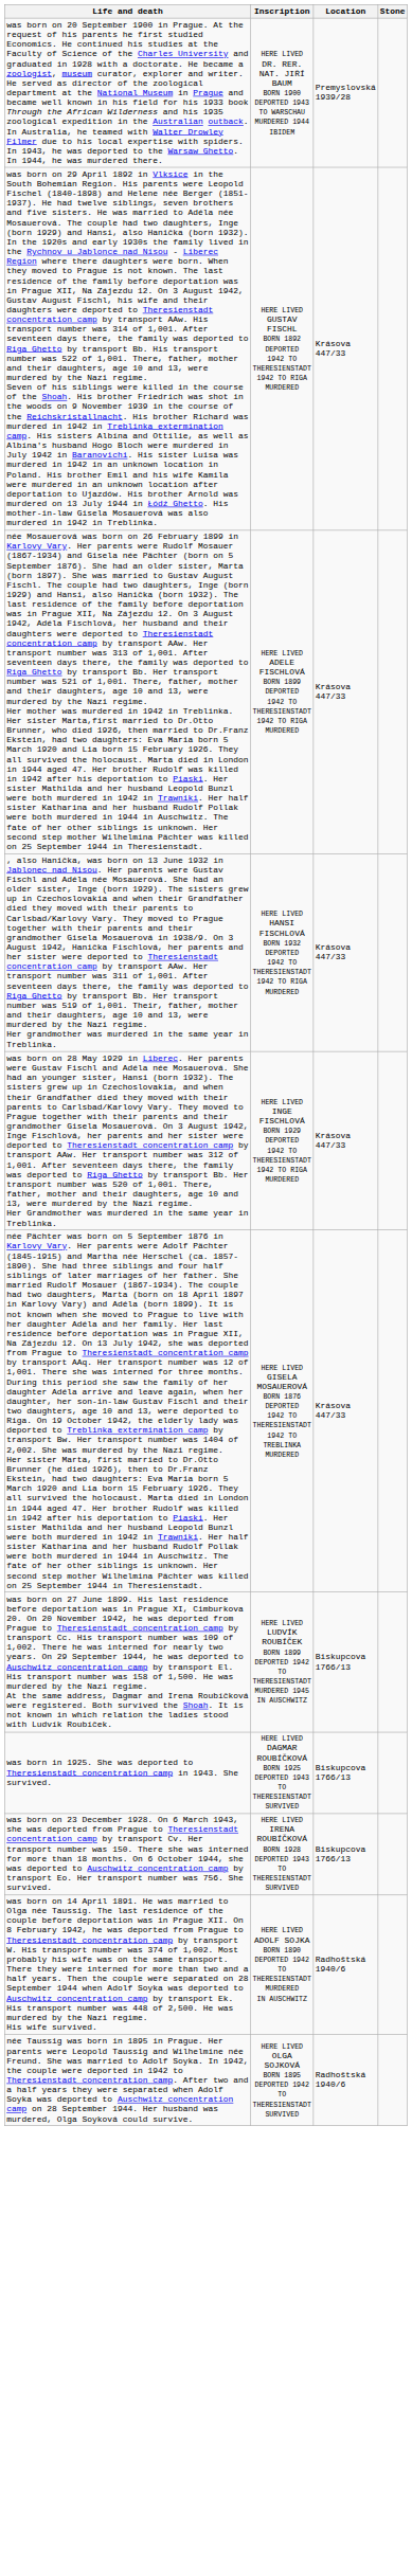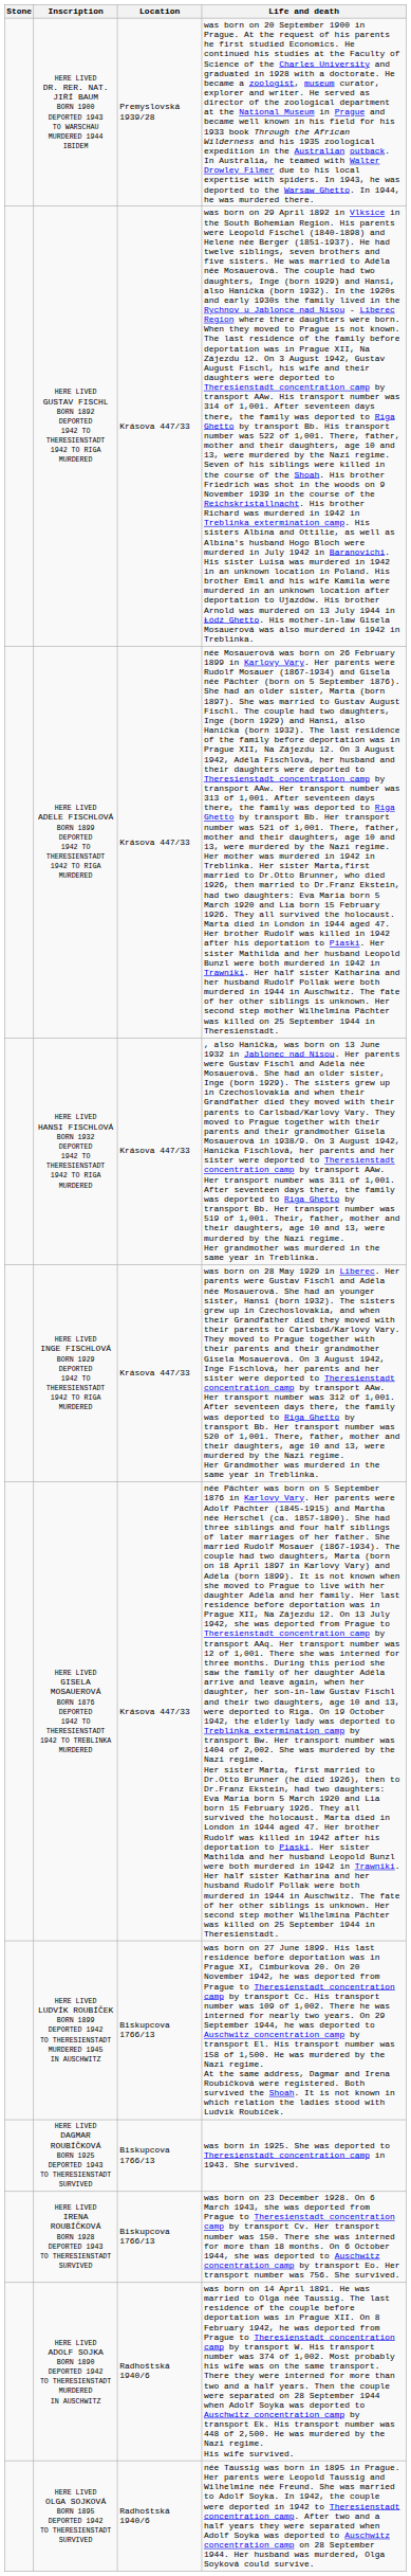 <table class="wikitable sortable toptextcells" style="width:100%">
 <tr>
-<th class="hintergrundfarbe6" style="width:100%;">Life and death</th>
+<th class="unsortable" width="120px">Stone</th>
 <th class="unsortable" style="width:22%;">Inscription</th>
 <th class="hintergrundfarbe6" data-sort-type="text" style ="width:22%;">Location</th>
-<th class="unsortable" width="120px">Stone</th>
+<th class="hintergrundfarbe6" style="width:100%;">Life and death</th>
 </tr>
 <tr>
-<td><strong></strong> was born on 20 September 1900 in Prague. At the request of his parents he first studied Economics. He continued his studies at the Faculty of Science of the <a href='#'>Charles University</a> and graduated in 1928 with a doctorate. He became a <a href='#'>zoologist</a>, <a href='#'>museum</a> curator, explorer and writer. He served as director of the zoological department at the <a href='#'>National Museum</a> in <a href='#'>Prague</a> and became well known in his field for his 1933 book <em>Through the African Wilderness</em> and his 1935 zoological expedition in the <a href='#'>Australian</a> <a href='#'>outback</a>. In Australia, he teamed with <a href='#'>Walter Drowley Filmer</a> due to his local expertise with spiders. In 1943, he was deported to the <a href='#'>Warsaw Ghetto</a>. In 1944, he was murdered there.</td>
+<td></td>
 <td style="text-align:center"><div><small>HERE LIVED</small><br>DR. RER. NAT. JIŘÍ BAUM<br><small>BORN 1900<br>DEPORTED 1943<br>TO WARSCHAU<br>MURDERED 1944<br>IBIDEM</small></div></td>
 <td>Premyslovská 1939/28<br></td>
-<td></td>
+<td><strong></strong> was born on 20 September 1900 in Prague. At the request of his parents he first studied Economics. He continued his studies at the Faculty of Science of the <a href='#'>Charles University</a> and graduated in 1928 with a doctorate. He became a <a href='#'>zoologist</a>, <a href='#'>museum</a> curator, explorer and writer. He served as director of the zoological department at the <a href='#'>National Museum</a> in <a href='#'>Prague</a> and became well known in his field for his 1933 book <em>Through the African Wilderness</em> and his 1935 zoological expedition in the <a href='#'>Australian</a> <a href='#'>outback</a>. In Australia, he teamed with <a href='#'>Walter Drowley Filmer</a> due to his local expertise with spiders. In 1943, he was deported to the <a href='#'>Warsaw Ghetto</a>. In 1944, he was murdered there.</td>
 </tr>
 <tr>
-<td><strong></strong> was born on 29 April 1892 in <a href='#'>Vlksice</a> in the South Bohemian Region. His parents were Leopold Fischel (1840-1898) and Helene née Berger (1851-1937). He had twelve siblings, seven brothers and five sisters. He was married to Adéla née Mosauerová. The couple had two daughters, Inge (born 1929) and Hansi, also Hanička (born 1932). In the 1920s and early 1930s the family lived in the <a href='#'>Rychnov u Jablonce nad Nisou</a> - <a href='#'>Liberec Region</a> where there daughters were born. When they moved to Prague is not known. The last residence of the family before deportation was in Prague XII, Na Zájezdu 12. On 3 August 1942, Gustav August Fischl, his wife and their daughters were deported to <a href='#'>Theresienstadt concentration camp</a> by transport AAw. His transport number was 314 of 1,001. After seventeen days there, the family was deported to <a href='#'>Riga Ghetto</a> by transport Bb. His transport number was 522 of 1,001. There, father, mother and their daughters, age 10 and 13, were murdered by the Nazi regime.<br>Seven of his siblings were killed in the course of the <a href='#'>Shoah</a>. His brother Friedrich was shot in the woods on 9 November 1939 in the course of the <a href='#'>Reichskristallnacht</a>. His brother Richard was murdered in 1942 in <a href='#'>Treblinka extermination camp</a>. His sisters Albína and Ottilie, as well as Albína's husband Hogo Bloch were murdered in July 1942 in <a href='#'>Baranovichi</a>. His sister Luisa was murdered in 1942 in an unknown location in Poland. His brother Emil and his wife Kamila were murdered in an unknown location after deportation to Ujazdów. His brother Arnold was murdered on 13 July 1944 in <a href='#'>Łódź Ghetto</a>. His mother-in-law Gisela Mosauerová was also murdered in 1942 in Treblinka.</td>
+<td></td>
 <td style="text-align:center"><div><small>HERE LIVED</small><br>GUSTAV FISCHL<br><small>BORN 1892<br>DEPORTED<br>1942 TO THERESIENSTADT<br>1942 TO RIGA<br>MURDERED</small></div></td>
 <td>Krásova 447/33<br></td>
-<td></td>
+<td><strong></strong> was born on 29 April 1892 in <a href='#'>Vlksice</a> in the South Bohemian Region. His parents were Leopold Fischel (1840-1898) and Helene née Berger (1851-1937). He had twelve siblings, seven brothers and five sisters. He was married to Adéla née Mosauerová. The couple had two daughters, Inge (born 1929) and Hansi, also Hanička (born 1932). In the 1920s and early 1930s the family lived in the <a href='#'>Rychnov u Jablonce nad Nisou</a> - <a href='#'>Liberec Region</a> where there daughters were born. When they moved to Prague is not known. The last residence of the family before deportation was in Prague XII, Na Zájezdu 12. On 3 August 1942, Gustav August Fischl, his wife and their daughters were deported to <a href='#'>Theresienstadt concentration camp</a> by transport AAw. His transport number was 314 of 1,001. After seventeen days there, the family was deported to <a href='#'>Riga Ghetto</a> by transport Bb. His transport number was 522 of 1,001. There, father, mother and their daughters, age 10 and 13, were murdered by the Nazi regime.<br>Seven of his siblings were killed in the course of the <a href='#'>Shoah</a>. His brother Friedrich was shot in the woods on 9 November 1939 in the course of the <a href='#'>Reichskristallnacht</a>. His brother Richard was murdered in 1942 in <a href='#'>Treblinka extermination camp</a>. His sisters Albína and Ottilie, as well as Albína's husband Hogo Bloch were murdered in July 1942 in <a href='#'>Baranovichi</a>. His sister Luisa was murdered in 1942 in an unknown location in Poland. His brother Emil and his wife Kamila were murdered in an unknown location after deportation to Ujazdów. His brother Arnold was murdered on 13 July 1944 in <a href='#'>Łódź Ghetto</a>. His mother-in-law Gisela Mosauerová was also murdered in 1942 in Treblinka.</td>
 </tr>
 <tr>
-<td><strong></strong> née Mosauerová was born on 26 February 1899 in <a href='#'>Karlovy Vary</a>. Her parents were Rudolf Mosauer (1867-1934) and Gisela née Pächter (born on 5 September 1876). She had an older sister, Marta (born 1897). She was married to Gustav August Fischl. The couple had two daughters, Inge (born 1929) and Hansi, also Hanička (born 1932). The last residence of the family before deportation was in Prague XII, Na Zájezdu 12. On 3 August 1942, Adéla Fischlová, her husband and their daughters were deported to <a href='#'>Theresienstadt concentration camp</a> by transport AAw. Her transport number was 313 of 1,001. After seventeen days there, the family was deported to <a href='#'>Riga Ghetto</a> by transport Bb. Her transport number was 521 of 1,001. There, father, mother and their daughters, age 10 and 13, were murdered by the Nazi regime.<br>Her mother was murdered in 1942 in Treblinka. Her sister Marta,first married to Dr.Otto Brunner, who died 1926, then married to Dr.Franz Ekstein, had two daughters: Eva Maria born 5 March 1920 and Lia born 15 February 1926. They all survived the holocaust. Marta died in London in 1944 aged 47. Her brother Rudolf was killed in 1942 after his deportation to <a href='#'>Piaski</a>. Her sister Mathilda and her husband Leopold Bunzl were both murdered in 1942 in <a href='#'>Trawniki</a>. Her half sister Katharina and her husband Rudolf Pollak were both murdered in 1944 in Auschwitz. The fate of her other siblings is unknown. Her second step mother Wilhelmina Pächter was killed on 25 September 1944 in Theresienstadt.</td>
+<td></td>
 <td style="text-align:center"><div><small>HERE LIVED</small><br>ADELE FISCHLOVÁ<br><small>BORN 1899<br>DEPORTED<br>1942 TO THERESIENSTADT<br>1942 TO RIGA<br>MURDERED</small></div></td>
 <td>Krásova 447/33<br></td>
-<td></td>
+<td><strong></strong> née Mosauerová was born on 26 February 1899 in <a href='#'>Karlovy Vary</a>. Her parents were Rudolf Mosauer (1867-1934) and Gisela née Pächter (born on 5 September 1876). She had an older sister, Marta (born 1897). She was married to Gustav August Fischl. The couple had two daughters, Inge (born 1929) and Hansi, also Hanička (born 1932). The last residence of the family before deportation was in Prague XII, Na Zájezdu 12. On 3 August 1942, Adéla Fischlová, her husband and their daughters were deported to <a href='#'>Theresienstadt concentration camp</a> by transport AAw. Her transport number was 313 of 1,001. After seventeen days there, the family was deported to <a href='#'>Riga Ghetto</a> by transport Bb. Her transport number was 521 of 1,001. There, father, mother and their daughters, age 10 and 13, were murdered by the Nazi regime.<br>Her mother was murdered in 1942 in Treblinka. Her sister Marta,first married to Dr.Otto Brunner, who died 1926, then married to Dr.Franz Ekstein, had two daughters: Eva Maria born 5 March 1920 and Lia born 15 February 1926. They all survived the holocaust. Marta died in London in 1944 aged 47. Her brother Rudolf was killed in 1942 after his deportation to <a href='#'>Piaski</a>. Her sister Mathilda and her husband Leopold Bunzl were both murdered in 1942 in <a href='#'>Trawniki</a>. Her half sister Katharina and her husband Rudolf Pollak were both murdered in 1944 in Auschwitz. The fate of her other siblings is unknown. Her second step mother Wilhelmina Pächter was killed on 25 September 1944 in Theresienstadt.</td>
 </tr>
 <tr>
-<td><strong></strong>, also Hanička, was born on 13 June 1932 in <a href='#'>Jablonec nad Nisou</a>. Her parents were Gustav Fischl and Adéla née Mosauerová. She had an older sister, Inge (born 1929). The sisters grew up in Czechoslovakia and when their Grandfather died they moved with their parents to Carlsbad/Karlovy Vary. They moved to Prague together with their parents and their grandmother Gisela Mosauerová  in 1938/9. On 3 August 1942, Hanička Fischlová, her parents and her sister were deported to <a href='#'>Theresienstadt concentration camp</a> by transport AAw. Her transport number was 311 of 1,001. After seventeen days there, the family was deported to <a href='#'>Riga Ghetto</a> by transport Bb. Her transport number was 519 of 1,001. Their, father, mother and their daughters, age 10 and 13, were murdered by the Nazi regime.<br>Her grandmother was murdered in the same year in Treblinka.</td>
+<td></td>
 <td style="text-align:center"><div><small>HERE LIVED</small><br>HANSI FISCHLOVÁ<br><small>BORN 1932<br>DEPORTED<br>1942 TO THERESIENSTADT<br>1942 TO RIGA<br>MURDERED</small></div></td>
 <td>Krásova 447/33<br></td>
-<td></td>
+<td><strong></strong>, also Hanička, was born on 13 June 1932 in <a href='#'>Jablonec nad Nisou</a>. Her parents were Gustav Fischl and Adéla née Mosauerová. She had an older sister, Inge (born 1929). The sisters grew up in Czechoslovakia and when their Grandfather died they moved with their parents to Carlsbad/Karlovy Vary. They moved to Prague together with their parents and their grandmother Gisela Mosauerová  in 1938/9. On 3 August 1942, Hanička Fischlová, her parents and her sister were deported to <a href='#'>Theresienstadt concentration camp</a> by transport AAw. Her transport number was 311 of 1,001. After seventeen days there, the family was deported to <a href='#'>Riga Ghetto</a> by transport Bb. Her transport number was 519 of 1,001. Their, father, mother and their daughters, age 10 and 13, were murdered by the Nazi regime.<br>Her grandmother was murdered in the same year in Treblinka.</td>
 </tr>
 <tr>
-<td><strong></strong> was born on 28 May 1929 in <a href='#'>Liberec</a>. Her parents were Gustav Fischl and Adéla née Mosauerová. She had an younger sister, Hansi (born 1932). The sisters grew up in Czechoslovakia, and when their Grandfather died they moved with their parents to Carlsbad/Karlovy Vary. They moved to Prague together with their parents and their grandmother Gisela Mosauerová. On 3 August 1942, Inge Fischlová, her parents and her sister were deported to <a href='#'>Theresienstadt concentration camp</a> by transport AAw. Her transport number was 312 of 1,001. After seventeen days there, the family was deported to <a href='#'>Riga Ghetto</a> by transport Bb. Her transport number was 520 of 1,001. There, father, mother and their daughters, age 10 and 13, were murdered by the Nazi regime.<br>Her Grandmother was murdered in the same year in Treblinka.</td>
+<td></td>
 <td style="text-align:center"><div><small>HERE LIVED</small><br>INGE FISCHLOVÁ<br><small>BORN 1929<br>DEPORTED<br>1942 TO THERESIENSTADT<br>1942 TO RIGA<br>MURDERED</small></div></td>
 <td>Krásova 447/33<br></td>
-<td></td>
+<td><strong></strong> was born on 28 May 1929 in <a href='#'>Liberec</a>. Her parents were Gustav Fischl and Adéla née Mosauerová. She had an younger sister, Hansi (born 1932). The sisters grew up in Czechoslovakia, and when their Grandfather died they moved with their parents to Carlsbad/Karlovy Vary. They moved to Prague together with their parents and their grandmother Gisela Mosauerová. On 3 August 1942, Inge Fischlová, her parents and her sister were deported to <a href='#'>Theresienstadt concentration camp</a> by transport AAw. Her transport number was 312 of 1,001. After seventeen days there, the family was deported to <a href='#'>Riga Ghetto</a> by transport Bb. Her transport number was 520 of 1,001. There, father, mother and their daughters, age 10 and 13, were murdered by the Nazi regime.<br>Her Grandmother was murdered in the same year in Treblinka.</td>
 </tr>
 <tr>
-<td><strong></strong> née Pächter was born on 5 September 1876 in <a href='#'>Karlovy Vary</a>. Her parents were Adolf Pächter (1845-1915) and Martha née Herschel (ca. 1857-1890). She had three siblings and four half siblings of later marriages of her father. She married Rudolf Mosauer (1867-1934). The couple had two daughters, Marta (born on 18 April 1897 in Karlovy Vary) and Adéla (born 1899). It is not known when she moved to Prague to live with her daughter Adéla and her family. Her last residence before deportation was in Prague XII, Na Zájezdu 12. On 13 July 1942, she was deported from Prague to <a href='#'>Theresienstadt concentration camp</a> by transport AAq. Her transport number was 12 of 1,001. There she was interned for three months. During this period she saw the family of her daughter Adéla arrive and leave again, when her daughter, her son-in-law Gustav Fischl and their two daughters, age 10 and 13, were deported to Riga. On 19 October 1942, the elderly lady was deported to <a href='#'>Treblinka extermination camp</a> by transport Bw. Her transport number was 1404 of 2,002. She was murdered by the Nazi regime.<br>Her sister Marta, first married to Dr.Otto Brunner (he died 1926), then to Dr.Franz Ekstein, had two daughters: Eva Maria born 5 March 1920 and Lia born 15 February 1926. They all survived the holocaust. Marta died in London in 1944 aged 47.  Her brother Rudolf was killed in 1942 after his deportation to <a href='#'>Piaski</a>. Her sister Mathilda and her husband Leopold Bunzl were both murdered in 1942 in <a href='#'>Trawniki</a>. Her half sister Katharina and her husband Rudolf Pollak were both murdered in 1944 in Auschwitz. The fate of her other siblings is unknown. Her second step mother Wilhelmina Pächter was killed on 25 September 1944 in Theresienstadt.</td>
+<td></td>
 <td style="text-align:center"><div><small>HERE LIVED</small><br>GISELA MOSAUEROVÁ<br><small>BORN 1876<br>DEPORTED<br>1942 TO THERESIENSTADT<br>1942 TO TREBLINKA<br>MURDERED</small></div></td>
 <td>Krásova 447/33<br></td>
-<td></td>
+<td><strong></strong> née Pächter was born on 5 September 1876 in <a href='#'>Karlovy Vary</a>. Her parents were Adolf Pächter (1845-1915) and Martha née Herschel (ca. 1857-1890). She had three siblings and four half siblings of later marriages of her father. She married Rudolf Mosauer (1867-1934). The couple had two daughters, Marta (born on 18 April 1897 in Karlovy Vary) and Adéla (born 1899). It is not known when she moved to Prague to live with her daughter Adéla and her family. Her last residence before deportation was in Prague XII, Na Zájezdu 12. On 13 July 1942, she was deported from Prague to <a href='#'>Theresienstadt concentration camp</a> by transport AAq. Her transport number was 12 of 1,001. There she was interned for three months. During this period she saw the family of her daughter Adéla arrive and leave again, when her daughter, her son-in-law Gustav Fischl and their two daughters, age 10 and 13, were deported to Riga. On 19 October 1942, the elderly lady was deported to <a href='#'>Treblinka extermination camp</a> by transport Bw. Her transport number was 1404 of 2,002. She was murdered by the Nazi regime.<br>Her sister Marta, first married to Dr.Otto Brunner (he died 1926), then to Dr.Franz Ekstein, had two daughters: Eva Maria born 5 March 1920 and Lia born 15 February 1926. They all survived the holocaust. Marta died in London in 1944 aged 47.  Her brother Rudolf was killed in 1942 after his deportation to <a href='#'>Piaski</a>. Her sister Mathilda and her husband Leopold Bunzl were both murdered in 1942 in <a href='#'>Trawniki</a>. Her half sister Katharina and her husband Rudolf Pollak were both murdered in 1944 in Auschwitz. The fate of her other siblings is unknown. Her second step mother Wilhelmina Pächter was killed on 25 September 1944 in Theresienstadt.</td>
 </tr>
 <tr>
-<td><strong></strong> was born on 27 June 1899. His last residence before deportation was in Prague XI, Cimburkova 20. On 20 November 1942, he was deported from Prague to <a href='#'>Theresienstadt concentration camp</a> by transport Cc. His transport number was 109 of 1,002. There he was interned for nearly two years. On 29 September 1944, he was deported to <a href='#'>Auschwitz concentration camp</a> by transport El. His transport number was 158 of 1,500. He was murdered by the Nazi regime.<br>At the same address, Dagmar and Irena Roubíčková were registered. Both survived the <a href='#'>Shoah</a>. It is not known in which relation the ladies stood with Ludvík Roubíček.</td>
+<td></td>
 <td style="text-align:center"><div><small>HERE LIVED</small><br>LUDVÍK ROUBÍČEK<br><small>BORN 1899<br>DEPORTED 1942<br>TO THERESIENSTADT<br>MURDERED 1945<br>IN AUSCHWITZ</small></div></td>
 <td>Biskupcova 1766/13<br></td>
-<td></td>
+<td><strong></strong> was born on 27 June 1899. His last residence before deportation was in Prague XI, Cimburkova 20. On 20 November 1942, he was deported from Prague to <a href='#'>Theresienstadt concentration camp</a> by transport Cc. His transport number was 109 of 1,002. There he was interned for nearly two years. On 29 September 1944, he was deported to <a href='#'>Auschwitz concentration camp</a> by transport El. His transport number was 158 of 1,500. He was murdered by the Nazi regime.<br>At the same address, Dagmar and Irena Roubíčková were registered. Both survived the <a href='#'>Shoah</a>. It is not known in which relation the ladies stood with Ludvík Roubíček.</td>
 </tr>
 <tr>
-<td><strong></strong> was born in 1925. She was deported to <a href='#'>Theresienstadt concentration camp</a> in 1943. She survived.</td>
+<td></td>
 <td style="text-align:center"><div><small>HERE LIVED</small><br>DAGMAR ROUBÍČKOVÁ<br><small>BORN 1925<br>DEPORTED 1943<br>TO THERESIENSTADT<br>SURVIVED</small></div></td>
 <td>Biskupcova 1766/13<br></td>
-<td></td>
+<td><strong></strong> was born in 1925. She was deported to <a href='#'>Theresienstadt concentration camp</a> in 1943. She survived.</td>
 </tr>
 <tr>
-<td><strong></strong> was born on 23 December 1928. On 6 March 1943, she was deported from Prague to <a href='#'>Theresienstadt concentration camp</a> by transport Cv. Her transport number was 150. There she was interned for more than 18 months. On 6 October 1944, she was deported to <a href='#'>Auschwitz concentration camp</a> by transport Eo. Her transport number was 756. She survived.</td>
+<td></td>
 <td style="text-align:center"><div><small>HERE LIVED</small><br>IRENA ROUBÍČKOVÁ<br><small>BORN 1928<br>DEPORTED 1943<br>TO THERESIENSTADT<br>SURVIVED</small></div></td>
 <td>Biskupcova 1766/13<br></td>
-<td></td>
+<td><strong></strong> was born on 23 December 1928. On 6 March 1943, she was deported from Prague to <a href='#'>Theresienstadt concentration camp</a> by transport Cv. Her transport number was 150. There she was interned for more than 18 months. On 6 October 1944, she was deported to <a href='#'>Auschwitz concentration camp</a> by transport Eo. Her transport number was 756. She survived.</td>
 </tr>
 <tr>
-<td><strong></strong> was born on 14 April 1891. He was married to Olga née Taussig. The last residence of the couple before deportation was in Prague XII. On 8 February 1942, he was deported from Prague to <a href='#'>Theresienstadt concentration camp</a> by transport W. His transport number was 374 of 1,002. Most probably his wife was on the same transport. There they were interned for more than two and a half years. Then the couple were separated on 28 September 1944 when Adolf Soyka was deported to <a href='#'>Auschwitz concentration camp</a> by transport Ek. His transport number was 448 of 2,500. He was murdered by the Nazi regime.<br>His wife survived.</td>
+<td></td>
 <td style="text-align:center"><div><small>HERE LIVED</small><br>ADOLF SOJKA<br><small>BORN 1890<br>DEPORTED 1942<br>TO THERESIENSTADT<br>MURDERED<br>IN AUSCHWITZ</small></div></td>
 <td>Radhoštská 1940/6<br></td>
-<td></td>
+<td><strong></strong> was born on 14 April 1891. He was married to Olga née Taussig. The last residence of the couple before deportation was in Prague XII. On 8 February 1942, he was deported from Prague to <a href='#'>Theresienstadt concentration camp</a> by transport W. His transport number was 374 of 1,002. Most probably his wife was on the same transport. There they were interned for more than two and a half years. Then the couple were separated on 28 September 1944 when Adolf Soyka was deported to <a href='#'>Auschwitz concentration camp</a> by transport Ek. His transport number was 448 of 2,500. He was murdered by the Nazi regime.<br>His wife survived.</td>
 </tr>
 <tr>
-<td><strong></strong> née Taussig was born in 1895 in Prague. Her parents were Leopold Taussig and Wilhelmine née Freund. She was married to Adolf Soyka. In 1942, the couple were deported in 1942 to <a href='#'>Theresienstadt concentration camp</a>. After two and a half years they were separated when Adolf Soyka was deported to <a href='#'>Auschwitz concentration camp</a> on 28 September 1944. Her husband was murdered, Olga Soyková could survive.</td>
+<td></td>
 <td style="text-align:center"><div><small>HERE LIVED</small><br>OLGA SOJKOVÁ<br><small>BORN 1895<br>DEPORTED 1942<br>TO THERESIENSTADT<br>SURVIVED</small></div></td>
 <td>Radhoštská 1940/6<br></td>
-<td></td>
+<td><strong></strong> née Taussig was born in 1895 in Prague. Her parents were Leopold Taussig and Wilhelmine née Freund. She was married to Adolf Soyka. In 1942, the couple were deported in 1942 to <a href='#'>Theresienstadt concentration camp</a>. After two and a half years they were separated when Adolf Soyka was deported to <a href='#'>Auschwitz concentration camp</a> on 28 September 1944. Her husband was murdered, Olga Soyková could survive.</td>
 </tr>
 </table>
